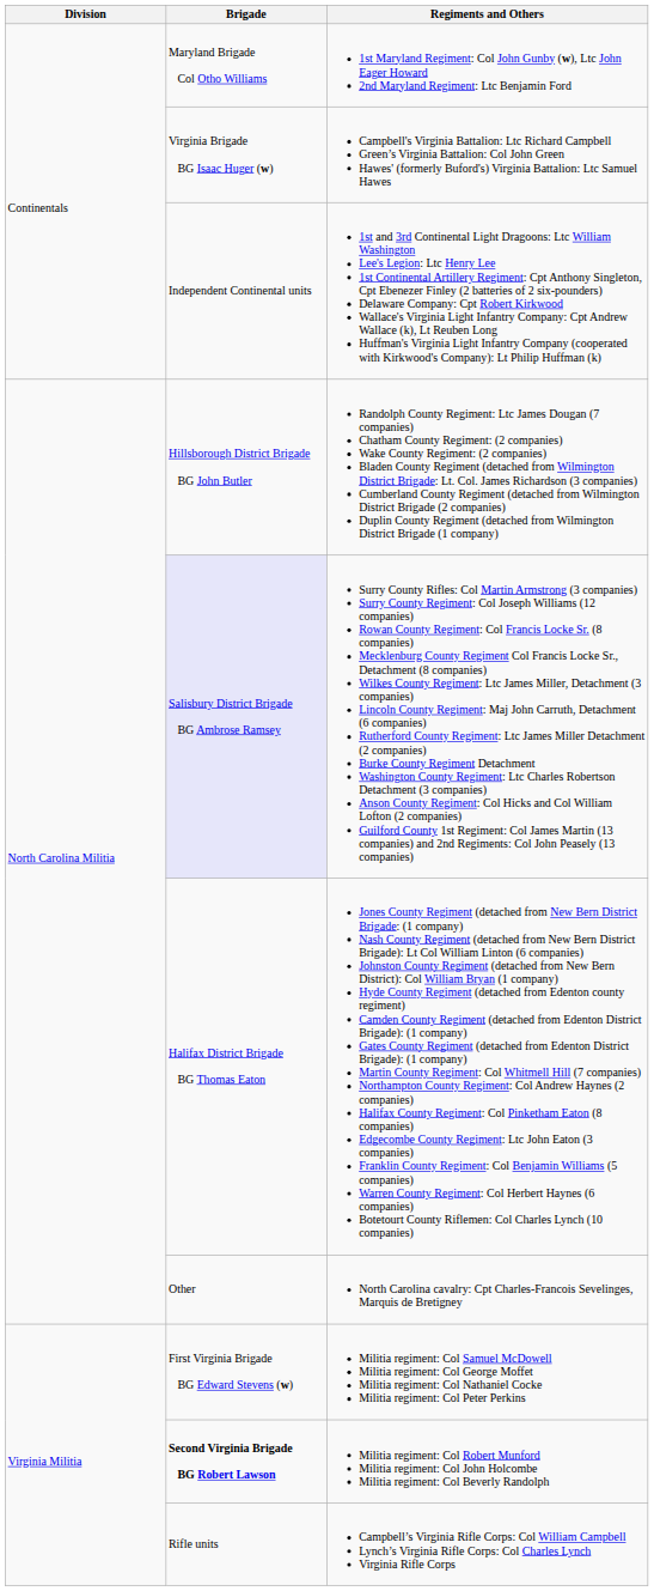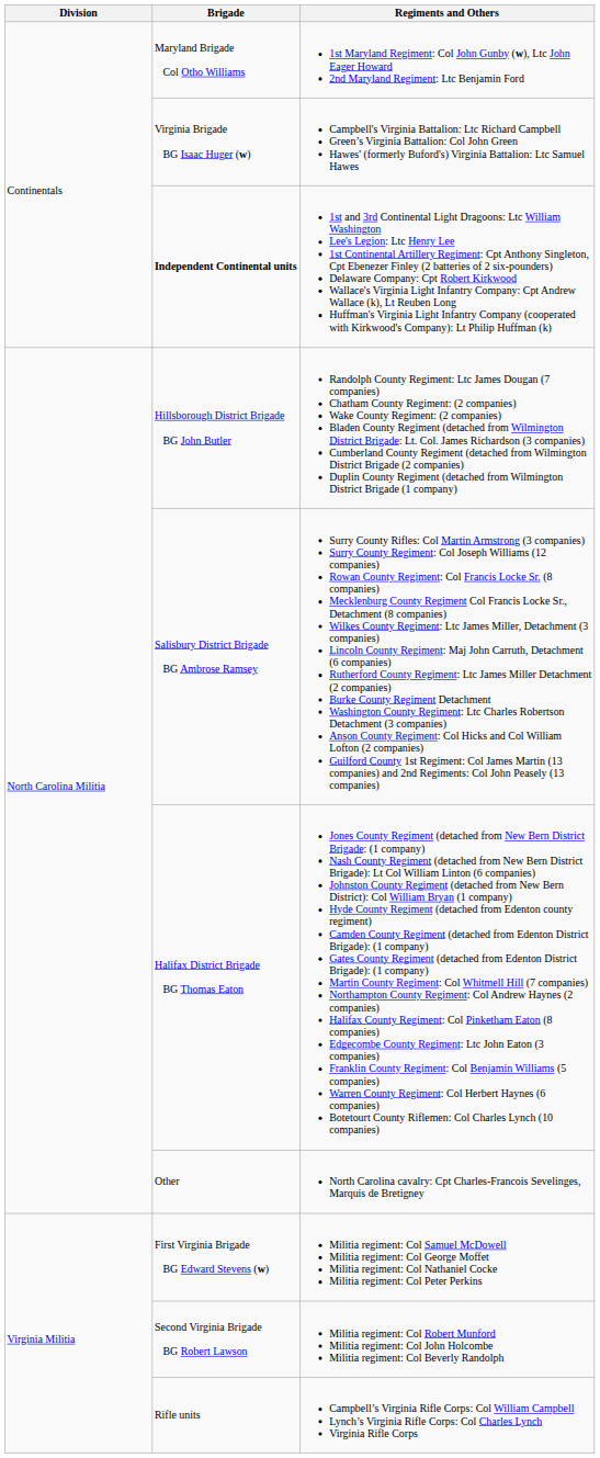 <table class="wikitable">
 <tr>
 <th style="width:25%;">Division</th>
 <th style="width:25%;">Brigade</th>
 <th>Regiments and Others</th>
 </tr>
 <tr>
 <td rowspan=3><br>Continentals</td>
 <td>Maryland Brigade<br><br>   Col <a href='#'>Otho Williams</a></td>
 <td><br><ul><li><a href='#'>1st Maryland Regiment</a>: Col <a href='#'>John Gunby</a> (<strong>w</strong>), Ltc <a href='#'>John Eager Howard</a></li><li><a href='#'>2nd Maryland Regiment</a>: Ltc Benjamin Ford</li></ul></td>
 </tr>
 <tr>
 <td>Virginia Brigade<br><br>   BG <a href='#'>Isaac Huger</a> (<strong>w</strong>)</td>
 <td><br><ul><li>Campbell's Virginia Battalion: Ltc Richard Campbell</li><li>Green’s Virginia Battalion: Col John Green</li><li>Hawes' (formerly Buford's) Virginia Battalion: Ltc Samuel Hawes</li></ul></td>
 </tr>
 <tr>
-<td>Independent Continental units</td>
+<td><strong>Independent Continental units</strong></td>
 <td><br><ul><li><a href='#'>1st</a> and <a href='#'>3rd</a> Continental Light Dragoons: Ltc <a href='#'>William Washington</a></li><li><a href='#'>Lee's Legion</a>: Ltc <a href='#'>Henry Lee</a></li><li><a href='#'>1st Continental Artillery Regiment</a>: Cpt Anthony Singleton, Cpt Ebenezer Finley (2 batteries of 2 six-pounders)</li><li>Delaware Company: Cpt <a href='#'>Robert Kirkwood</a></li><li>Wallace's Virginia Light Infantry Company: Cpt Andrew Wallace (k), Lt Reuben Long</li><li>Huffman's Virginia Light Infantry Company (cooperated with Kirkwood's Company): Lt Philip Huffman (k)</li></ul></td>
 </tr>
 <tr>
 <td rowspan=4><br><a href='#'>North Carolina Militia</a></td>
 <td><a href='#'>Hillsborough District Brigade</a><br><br>   BG <a href='#'>John Butler</a></td>
 <td><br><ul><li>Randolph County Regiment: Ltc James Dougan (7 companies)</li><li>Chatham County Regiment: (2 companies)</li><li>Wake County Regiment: (2 companies)</li><li>Bladen County Regiment (detached from <a href='#'>Wilmington District Brigade</a>: Lt. Col. James Richardson (3 companies)</li><li>Cumberland County Regiment (detached from Wilmington District Brigade (2 companies)</li><li>Duplin County Regiment (detached from Wilmington District Brigade (1 company)</li></ul></td>
 </tr>
 <tr>
-<td style="background: lavender;"><a href='#'>Salisbury District Brigade</a><br><br>   BG <a href='#'>Ambrose Ramsey</a></td>
+<td><a href='#'>Salisbury District Brigade</a><br><br>   BG <a href='#'>Ambrose Ramsey</a></td>
 <td><br><ul><li>Surry County Rifles: Col <a href='#'>Martin Armstrong</a> (3 companies)</li><li><a href='#'>Surry County Regiment</a>: Col Joseph Williams (12 companies)</li><li><a href='#'>Rowan County Regiment</a>: Col <a href='#'>Francis Locke Sr.</a> (8 companies)</li><li><a href='#'>Mecklenburg County Regiment</a> Col Francis Locke Sr., Detachment (8 companies)</li><li><a href='#'>Wilkes County Regiment</a>: Ltc James Miller, Detachment (3 companies)</li><li><a href='#'>Lincoln County Regiment</a>: Maj John Carruth,  Detachment (6 companies)</li><li><a href='#'>Rutherford County Regiment</a>: Ltc James Miller Detachment (2 companies)</li><li><a href='#'>Burke County Regiment</a> Detachment</li><li><a href='#'>Washington County Regiment</a>: Ltc  Charles Robertson Detachment (3 companies)</li><li><a href='#'>Anson County Regiment</a>: Col Hicks and Col William Lofton (2 companies)</li><li><a href='#'>Guilford County</a> 1st Regiment: Col James Martin (13 companies) and 2nd Regiments: Col John Peasely (13 companies)</li></ul></td>
 </tr>
 <tr>
 <td><a href='#'>Halifax District Brigade</a><br><br>   BG <a href='#'>Thomas Eaton</a></td>
 <td><br><ul><li><a href='#'>Jones County Regiment</a> (detached from <a href='#'>New Bern District Brigade</a>: (1 company)</li><li><a href='#'>Nash County Regiment</a> (detached from New Bern District Brigade): Lt Col William Linton (6 companies)</li><li><a href='#'>Johnston County Regiment</a> (detached from New Bern District): Col <a href='#'>William Bryan</a> (1 company)</li><li><a href='#'>Hyde County Regiment</a> (detached from Edenton county regiment)</li><li><a href='#'>Camden County Regiment</a> (detached from Edenton District Brigade): (1 company)</li><li><a href='#'>Gates County Regiment</a> (detached from Edenton District Brigade): (1 company)</li><li><a href='#'>Martin County Regiment</a>: Col <a href='#'>Whitmell Hill</a> (7 companies)</li><li><a href='#'>Northampton County Regiment</a>: Col Andrew Haynes (2 companies)</li><li><a href='#'>Halifax County Regiment</a>:  Col <a href='#'>Pinketham Eaton</a> (8 companies)</li><li><a href='#'>Edgecombe County Regiment</a>: Ltc John Eaton (3 companies)</li><li><a href='#'>Franklin County Regiment</a>:  Col <a href='#'>Benjamin Williams</a> (5 companies)</li><li><a href='#'>Warren County Regiment</a>: Col Herbert Haynes (6 companies)</li><li>Botetourt County Riflemen:  Col Charles Lynch (10 companies)</li></ul></td>
 </tr>
 <tr>
 <td>Other</td>
 <td><br><ul><li>North Carolina cavalry: Cpt  Charles-Francois Sevelinges, Marquis de Bretigney</li></ul></td>
 </tr>
 <tr>
 <td rowspan=3><br><a href='#'>Virginia Militia</a></td>
 <td>First Virginia Brigade<br><br>   BG <a href='#'>Edward Stevens</a> (<strong>w</strong>)</td>
 <td><br><ul><li>Militia regiment: Col <a href='#'>Samuel McDowell</a></li><li>Militia regiment: Col George Moffet</li><li>Militia regiment: Col Nathaniel Cocke</li><li>Militia regiment: Col Peter Perkins</li></ul></td>
 </tr>
 <tr>
-<td><strong>Second Virginia Brigade<br><br>   BG <a href='#'>Robert Lawson</a></strong></td>
+<td>Second Virginia Brigade<br><br>   BG <a href='#'>Robert Lawson</a></td>
 <td><br><ul><li>Militia regiment: Col <a href='#'>Robert Munford</a></li><li>Militia regiment: Col John Holcombe</li><li>Militia regiment: Col Beverly Randolph</li></ul></td>
 </tr>
 <tr>
 <td>Rifle units</td>
 <td><br><ul><li>Campbell’s Virginia Rifle Corps: Col <a href='#'>William Campbell</a></li><li>Lynch’s Virginia Rifle Corps: Col <a href='#'>Charles Lynch</a></li><li>Virginia Rifle Corps</li></ul></td>
 </tr>
 </table>
